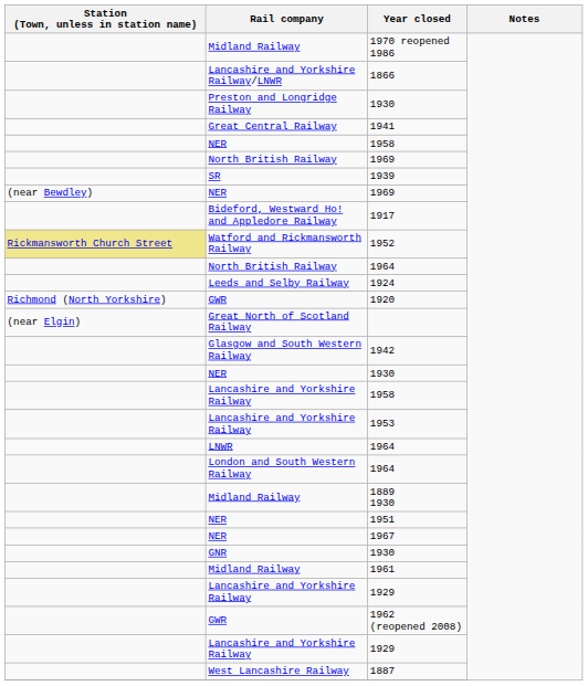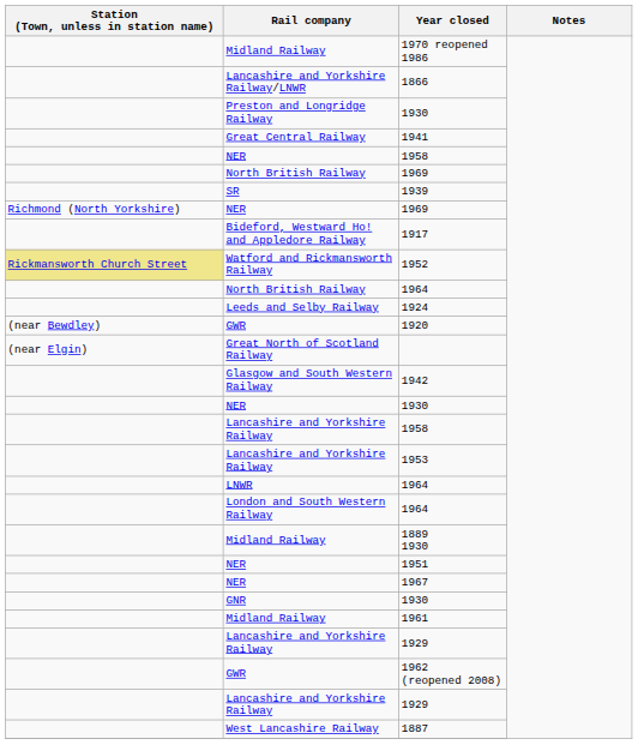 <table class="wikitable sortable">
 <tr>
 <th style="width:250px">Station<br>(Town, unless in station name)</th>
 <th style="width:200px">Rail company</th>
 <th style="width:120px">Year closed</th>
 <th style="width:20%">Notes</th>
 </tr>
 <tr>
 <td></td>
 <td><a href='#'>Midland Railway</a></td>
 <td>1970 reopened 1986</td>
 </tr>
 <tr>
 <td></td>
 <td><a href='#'>Lancashire and Yorkshire Railway</a>/<a href='#'>LNWR</a></td>
 <td>1866</td>
 </tr>
 <tr>
 <td></td>
 <td><a href='#'>Preston and Longridge Railway</a></td>
 <td>1930</td>
 </tr>
 <tr>
 <td></td>
 <td><a href='#'>Great Central Railway</a></td>
 <td>1941</td>
 </tr>
 <tr>
 <td></td>
 <td><a href='#'>NER</a></td>
 <td>1958</td>
 </tr>
 <tr>
 <td></td>
 <td><a href='#'>North British Railway</a></td>
 <td>1969</td>
 </tr>
 <tr>
 <td></td>
 <td><a href='#'>SR</a></td>
 <td>1939</td>
 </tr>
 <tr>
-<td> (near <a href='#'>Bewdley</a>)</td>
+<td><a href='#'>Richmond</a> (<a href='#'>North Yorkshire</a>)</td>
 <td><a href='#'>NER</a></td>
 <td>1969</td>
 </tr>
 <tr>
 <td></td>
 <td><a href='#'>Bideford, Westward Ho! and Appledore Railway</a></td>
 <td>1917</td>
 </tr>
 <tr>
 <td style="background: khaki;"><a href='#'>Rickmansworth Church Street</a></td>
 <td><a href='#'>Watford and Rickmansworth Railway</a></td>
 <td>1952</td>
 </tr>
 <tr>
 <td></td>
 <td><a href='#'>North British Railway</a></td>
 <td>1964</td>
 </tr>
 <tr>
 <td></td>
 <td><a href='#'>Leeds and Selby Railway</a></td>
 <td>1924</td>
 </tr>
 <tr>
-<td><a href='#'>Richmond</a> (<a href='#'>North Yorkshire</a>)</td>
+<td> (near <a href='#'>Bewdley</a>)</td>
 <td><a href='#'>GWR</a></td>
 <td>1920</td>
 </tr>
 <tr>
 <td> (near <a href='#'>Elgin</a>)</td>
 <td><a href='#'>Great North of Scotland Railway</a></td>
 <td></td>
 </tr>
 <tr>
 <td></td>
 <td><a href='#'>Glasgow and South Western Railway</a></td>
 <td>1942</td>
 </tr>
 <tr>
 <td></td>
 <td><a href='#'>NER</a></td>
 <td>1930</td>
 </tr>
 <tr>
 <td></td>
 <td><a href='#'>Lancashire and Yorkshire Railway</a></td>
 <td>1958</td>
 </tr>
 <tr>
 <td></td>
 <td><a href='#'>Lancashire and Yorkshire Railway</a></td>
 <td>1953</td>
 </tr>
 <tr>
 <td></td>
 <td><a href='#'>LNWR</a></td>
 <td>1964</td>
 </tr>
 <tr>
 <td></td>
 <td><a href='#'>London and South Western Railway</a></td>
 <td>1964</td>
 </tr>
 <tr>
 <td></td>
 <td><a href='#'>Midland Railway</a></td>
 <td>1889<br>1930</td>
 </tr>
 <tr>
 <td></td>
 <td><a href='#'>NER</a></td>
 <td>1951</td>
 </tr>
 <tr>
 <td></td>
 <td><a href='#'>NER</a></td>
 <td>1967</td>
 </tr>
 <tr>
 <td></td>
 <td><a href='#'>GNR</a></td>
 <td>1930</td>
 </tr>
 <tr>
 <td></td>
 <td><a href='#'>Midland Railway</a></td>
 <td>1961</td>
 </tr>
 <tr>
 <td></td>
 <td><a href='#'>Lancashire and Yorkshire Railway</a></td>
 <td>1929</td>
 </tr>
 <tr>
 <td></td>
 <td><a href='#'>GWR</a></td>
 <td>1962<br>(reopened 2008)</td>
 </tr>
 <tr>
 <td></td>
 <td><a href='#'>Lancashire and Yorkshire Railway</a></td>
 <td>1929</td>
 </tr>
 <tr>
 <td></td>
 <td><a href='#'>West Lancashire Railway</a></td>
 <td>1887</td>
 </tr>
 <tr>
 </tr>
 </table>
